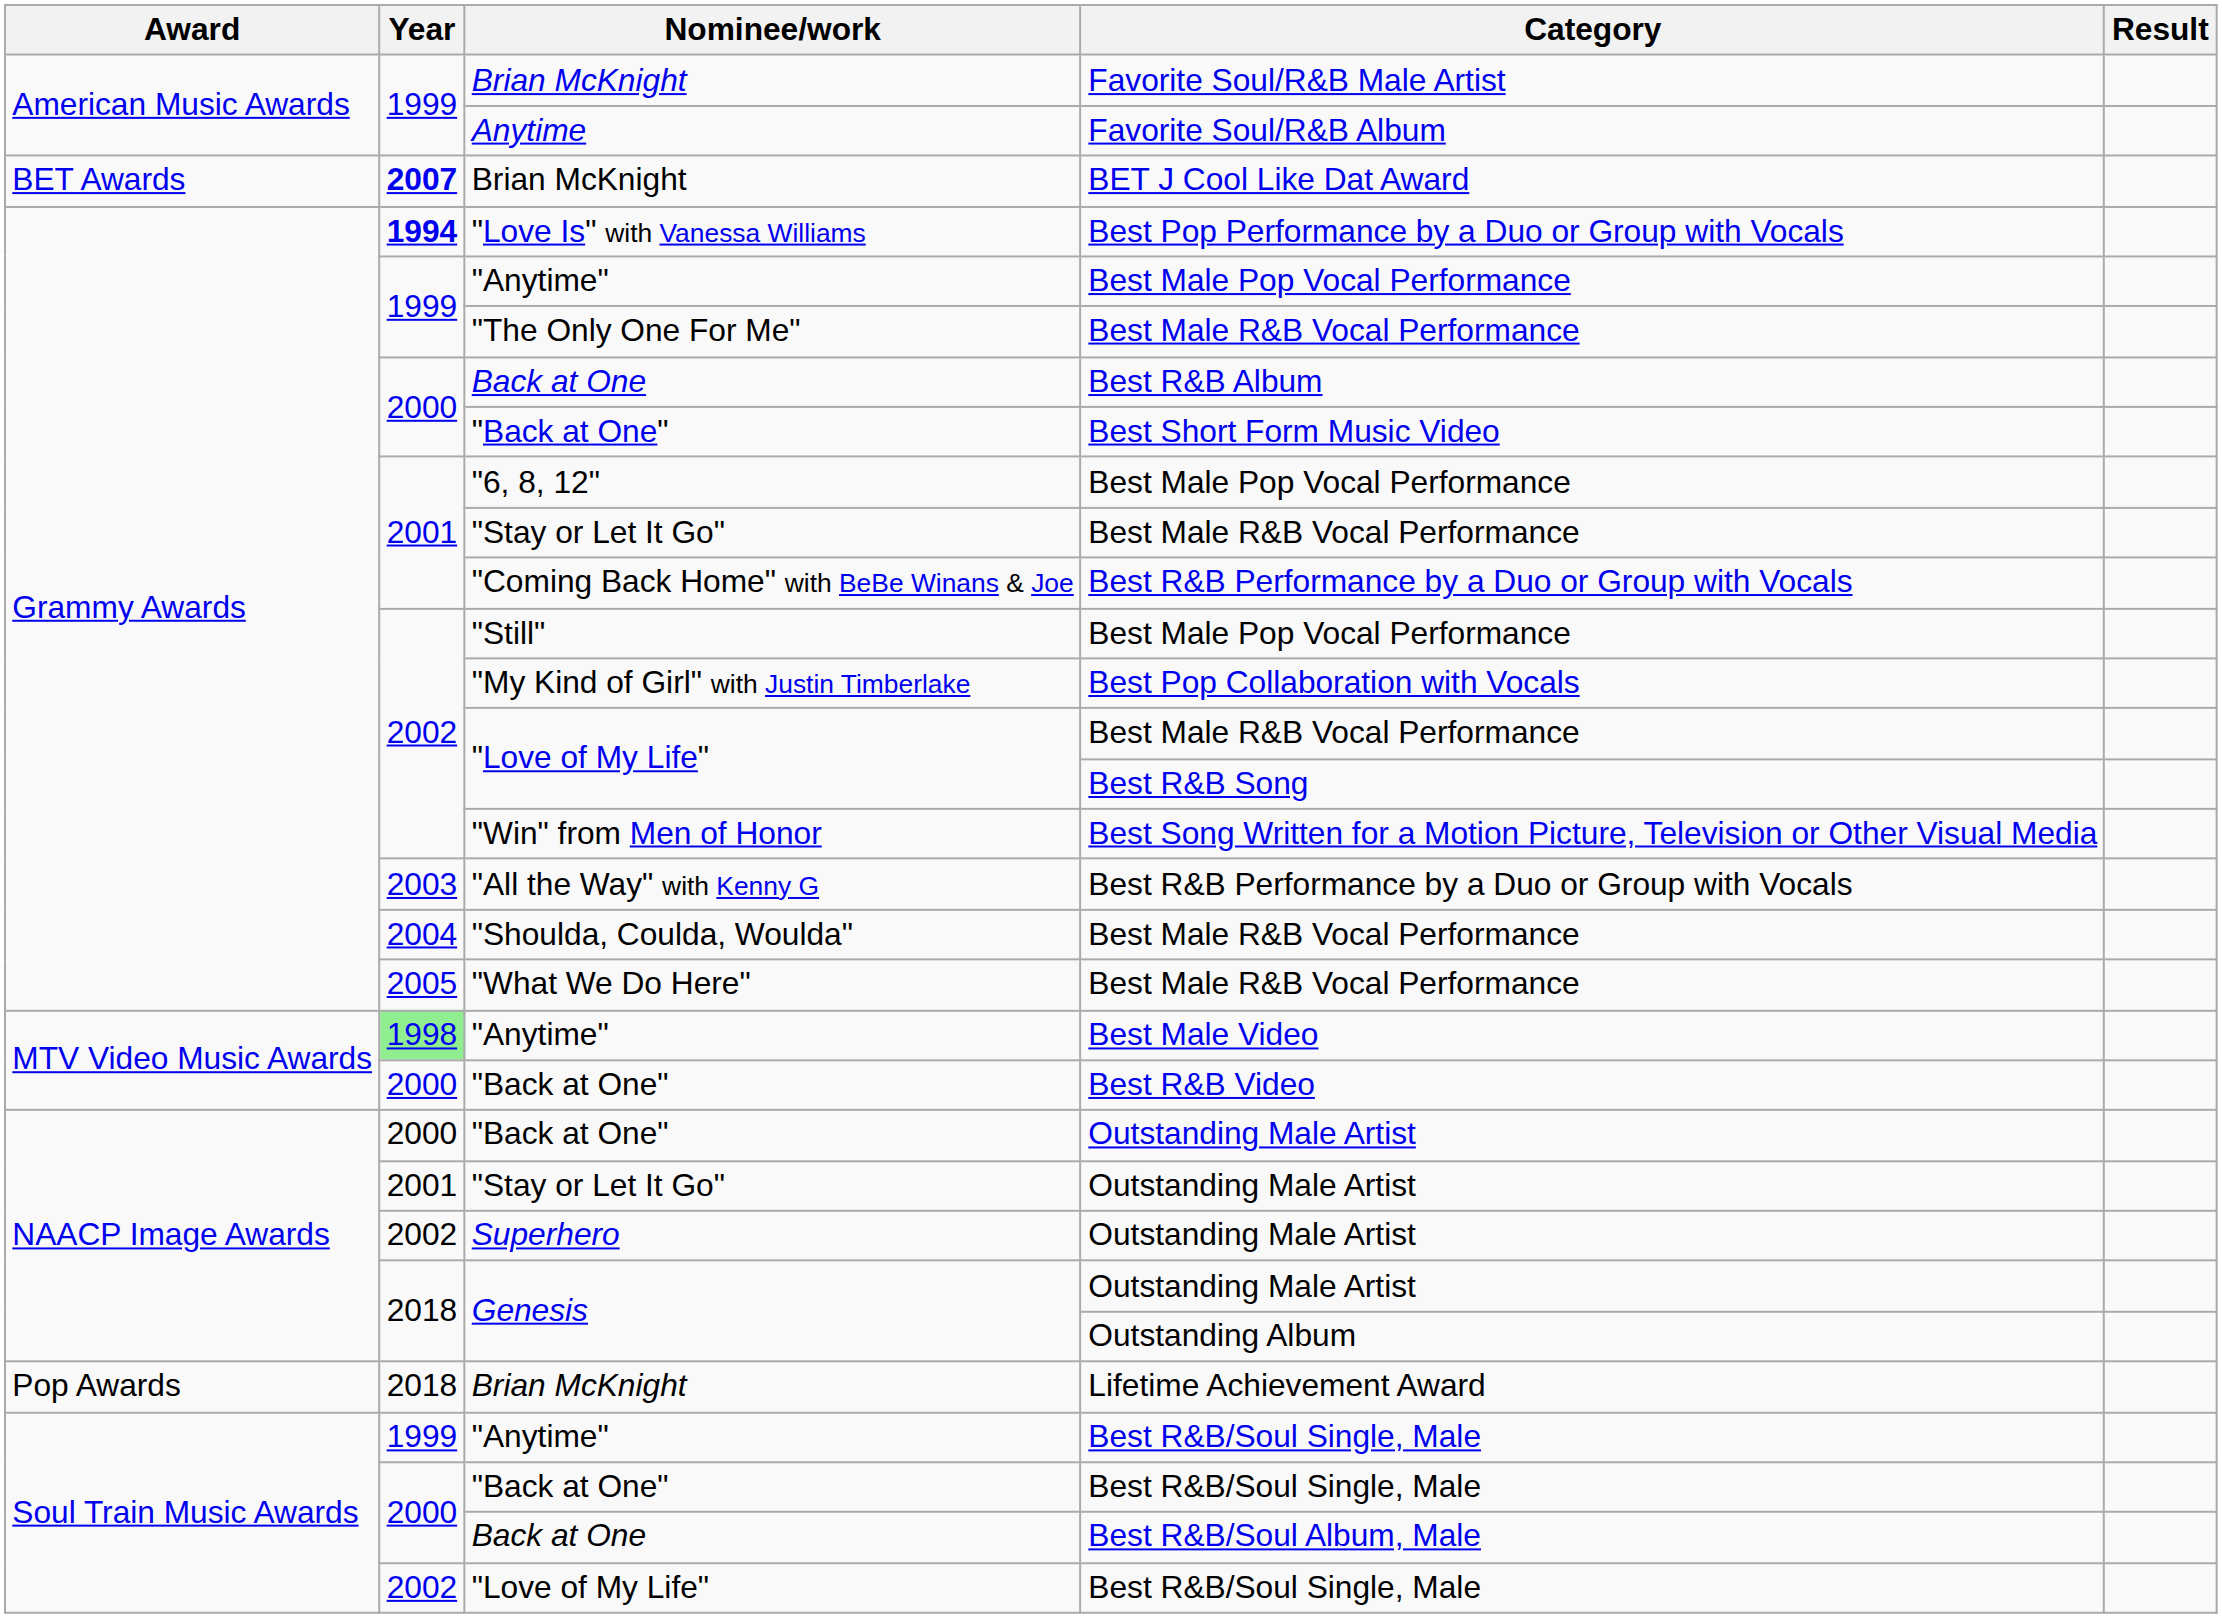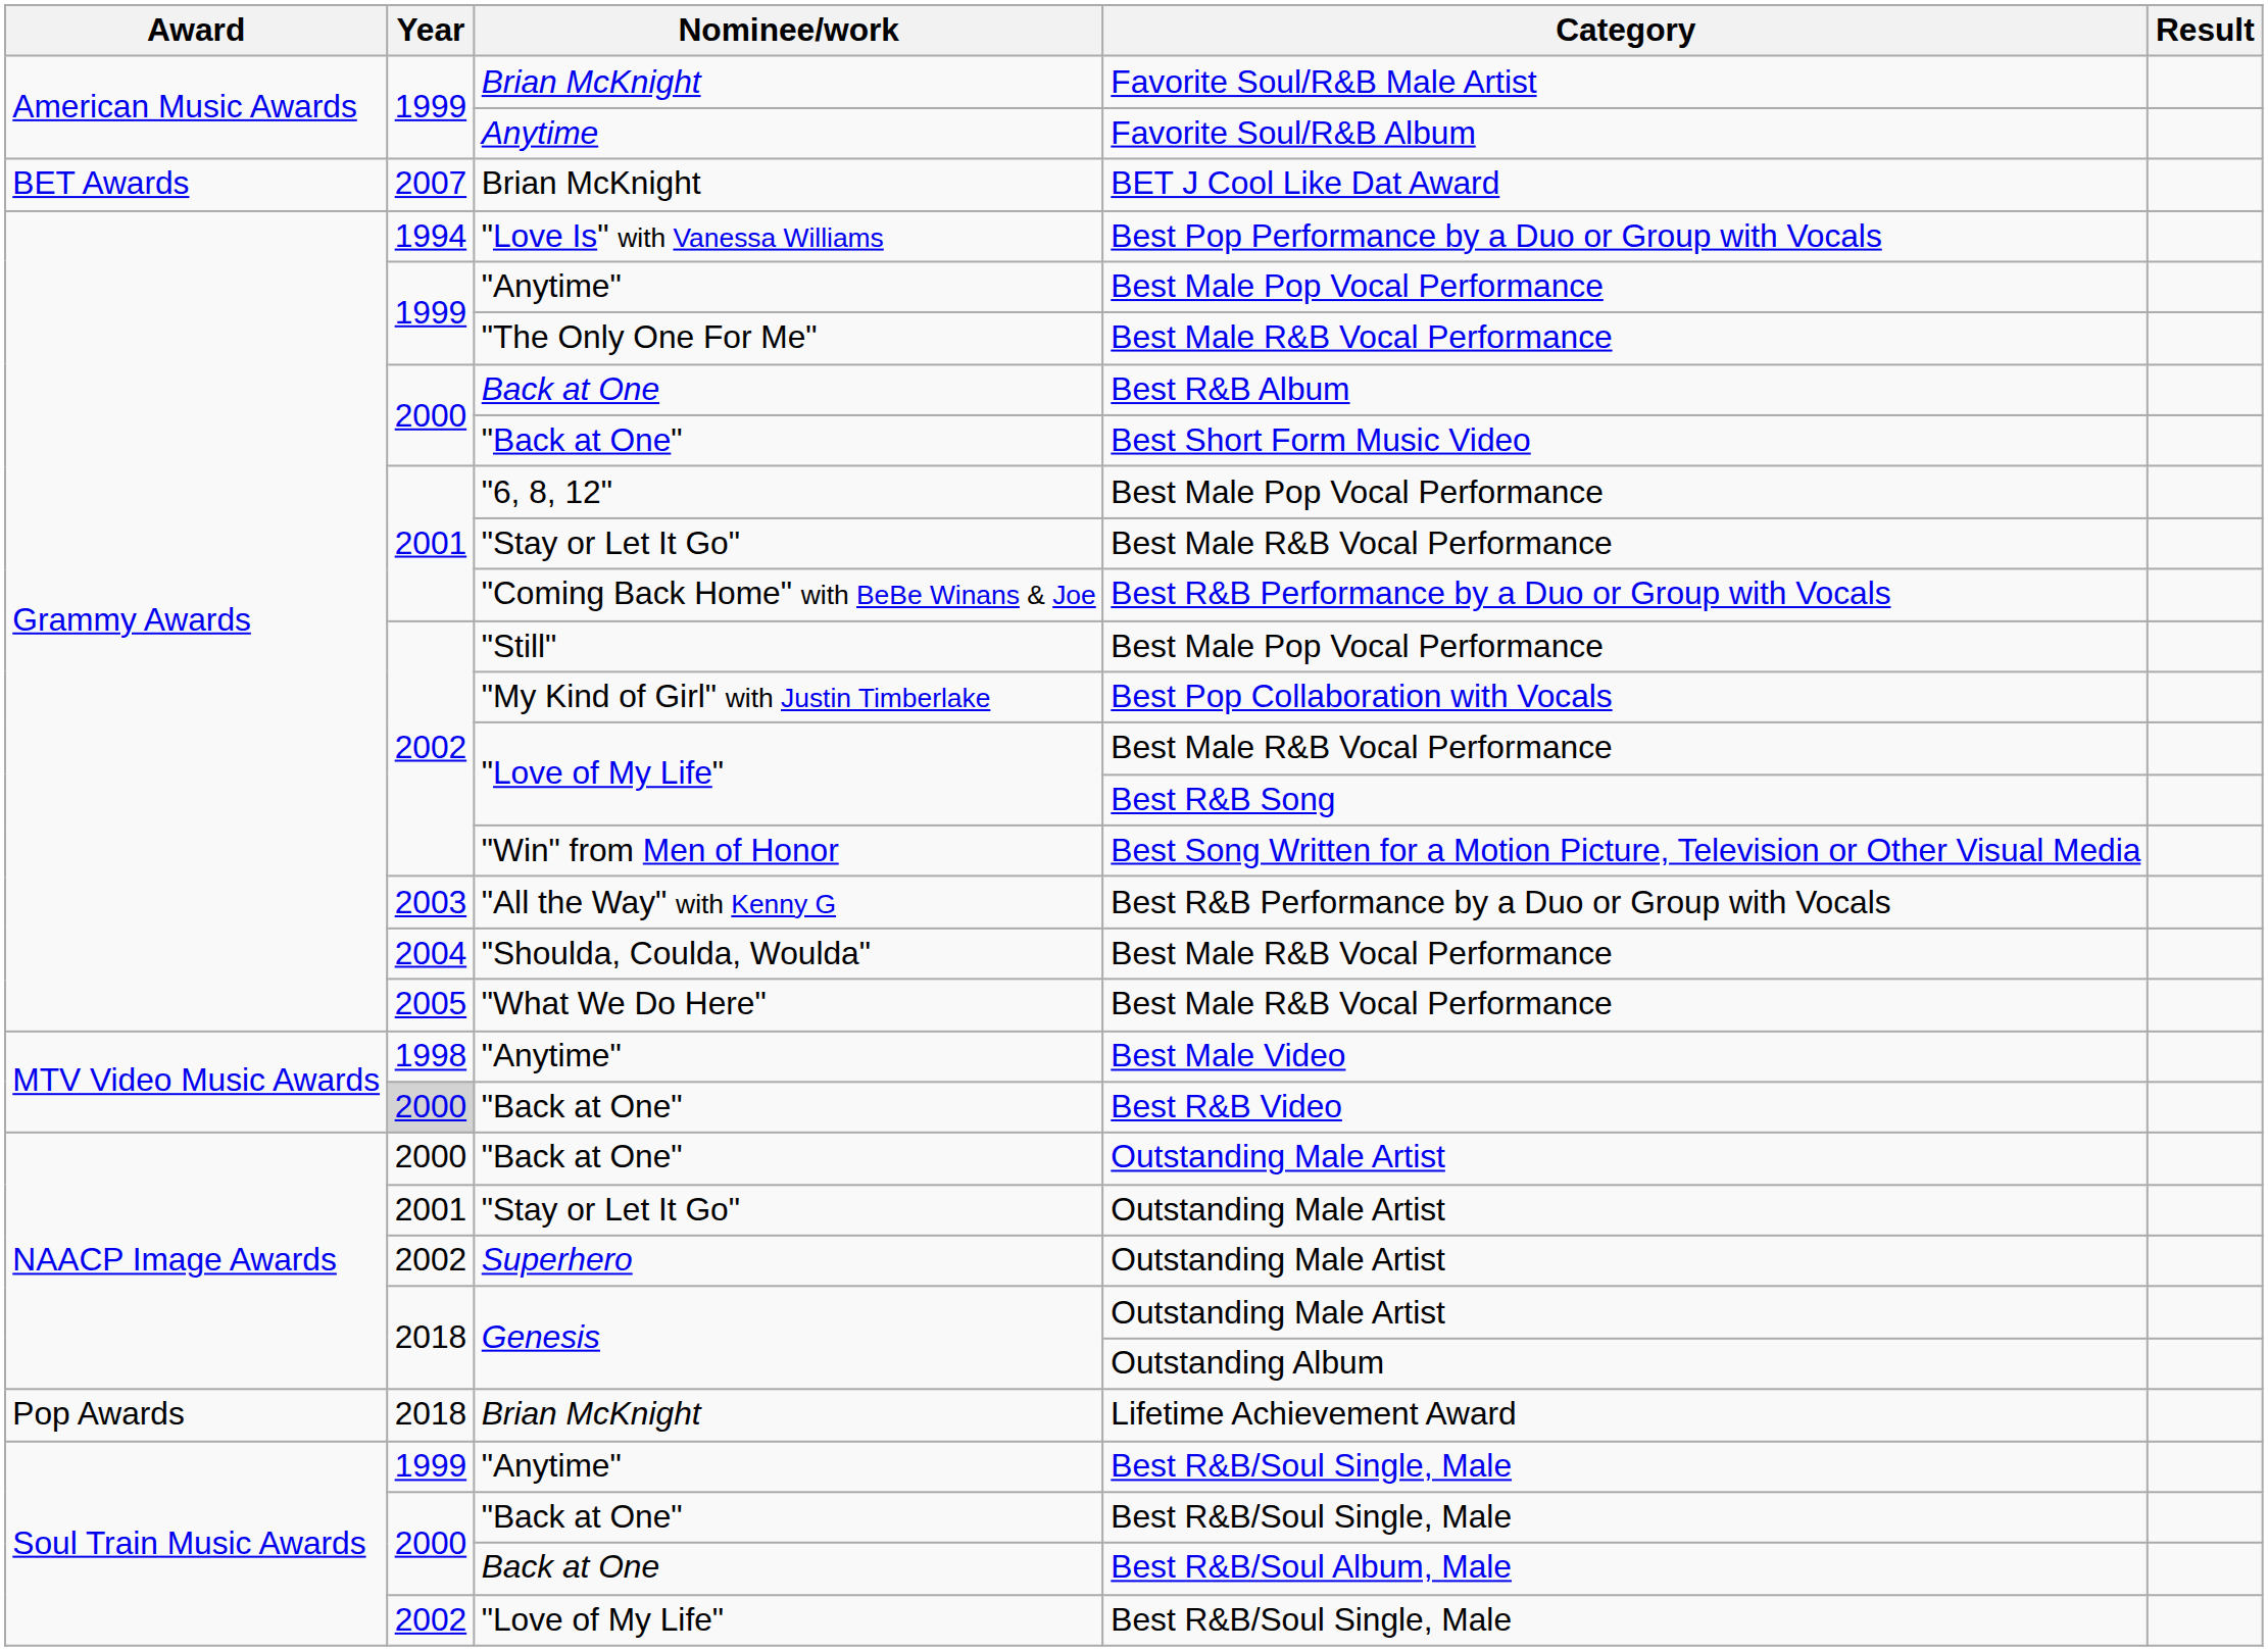 <table class="wikitable">
 <tr>
 <th>Award</th>
 <th>Year</th>
 <th>Nominee/work</th>
 <th>Category</th>
 <th>Result</th>
 </tr>
 <tr>
 <td rowspan="2"><a href='#'>American Music Awards</a></td>
 <td rowspan="2"><a href='#'>1999</a></td>
 <td><em><a href='#'>Brian McKnight</a></em></td>
 <td><a href='#'>Favorite Soul/R&B Male Artist</a></td>
 <td></td>
 </tr>
 <tr>
 <td><em><a href='#'>Anytime</a></em></td>
 <td><a href='#'>Favorite Soul/R&B Album</a></td>
 <td></td>
 </tr>
 <tr>
 <td><a href='#'>BET Awards</a></td>
-<td><strong><a href='#'>2007</a></strong></td>
+<td><a href='#'>2007</a></td>
 <td>Brian McKnight</td>
 <td><a href='#'>BET J Cool Like Dat Award</a></td>
 <td></td>
 </tr>
 <tr>
 <td rowspan="16"><a href='#'>Grammy Awards</a></td>
-<td><strong><a href='#'>1994</a></strong></td>
+<td><a href='#'>1994</a></td>
 <td>"<a href='#'>Love Is</a>" <small>with <a href='#'>Vanessa Williams</a></small></td>
 <td><a href='#'>Best Pop Performance by a Duo or Group with Vocals</a></td>
 <td></td>
 </tr>
 <tr>
 <td rowspan="2"><a href='#'>1999</a></td>
 <td>"Anytime"</td>
 <td><a href='#'>Best Male Pop Vocal Performance</a></td>
 <td></td>
 </tr>
 <tr>
 <td>"The Only One For Me"</td>
 <td><a href='#'>Best Male R&B Vocal Performance</a></td>
 <td></td>
 </tr>
 <tr>
 <td rowspan="2"><a href='#'>2000</a></td>
 <td><em><a href='#'>Back at One</a></em></td>
 <td><a href='#'>Best R&B Album</a></td>
 <td></td>
 </tr>
 <tr>
 <td>"<a href='#'>Back at One</a>"</td>
 <td><a href='#'>Best Short Form Music Video</a></td>
 <td></td>
 </tr>
 <tr>
 <td rowspan="3"><a href='#'>2001</a></td>
 <td>"6, 8, 12"</td>
 <td>Best Male Pop Vocal Performance</td>
 <td></td>
 </tr>
 <tr>
 <td>"Stay or Let It Go"</td>
 <td>Best Male R&B Vocal Performance</td>
 <td></td>
 </tr>
 <tr>
 <td>"Coming Back Home" <small>with <a href='#'>BeBe Winans</a> & <a href='#'>Joe</a></small></td>
 <td><a href='#'>Best R&B Performance by a Duo or Group with Vocals</a></td>
 <td></td>
 </tr>
 <tr>
 <td rowspan="5"><a href='#'>2002</a></td>
 <td>"Still"</td>
 <td>Best Male Pop Vocal Performance</td>
 <td></td>
 </tr>
 <tr>
 <td>"My Kind of Girl" <small>with <a href='#'>Justin Timberlake</a></small></td>
 <td><a href='#'>Best Pop Collaboration with Vocals</a></td>
 <td></td>
 </tr>
 <tr>
 <td rowspan="2">"<a href='#'>Love of My Life</a>"</td>
 <td>Best Male R&B Vocal Performance</td>
 <td></td>
 </tr>
 <tr>
 <td><a href='#'>Best R&B Song</a></td>
 <td></td>
 </tr>
 <tr>
 <td>"Win" from <a href='#'>Men of Honor</a></td>
 <td><a href='#'>Best Song Written for a Motion Picture, Television or Other Visual Media</a></td>
 <td></td>
 </tr>
 <tr>
 <td><a href='#'>2003</a></td>
 <td>"All the Way" <small>with <a href='#'>Kenny G</a></small></td>
 <td>Best R&B Performance by a Duo or Group with Vocals</td>
 <td></td>
 </tr>
 <tr>
 <td><a href='#'>2004</a></td>
 <td>"Shoulda, Coulda, Woulda"</td>
 <td>Best Male R&B Vocal Performance</td>
 <td></td>
 </tr>
 <tr>
 <td><a href='#'>2005</a></td>
 <td>"What We Do Here"</td>
 <td>Best Male R&B Vocal Performance</td>
 <td></td>
 </tr>
 <tr>
 <td rowspan="2"><a href='#'>MTV Video Music Awards</a></td>
-<td style="background: lightgreen;"><a href='#'>1998</a></td>
+<td><a href='#'>1998</a></td>
 <td>"Anytime"</td>
 <td><a href='#'>Best Male Video</a></td>
 <td></td>
 </tr>
 <tr>
-<td><a href='#'>2000</a></td>
+<td style="background: lightgrey;"><a href='#'>2000</a></td>
 <td>"Back at One"</td>
 <td><a href='#'>Best R&B Video</a></td>
 <td></td>
 </tr>
 <tr>
 <td rowspan="5"><a href='#'>NAACP Image Awards</a></td>
 <td>2000</td>
 <td>"Back at One"</td>
 <td><a href='#'>Outstanding Male Artist</a></td>
 <td></td>
 </tr>
 <tr>
 <td>2001</td>
 <td>"Stay or Let It Go"</td>
 <td>Outstanding Male Artist</td>
 <td></td>
 </tr>
 <tr>
 <td>2002</td>
 <td><em><a href='#'>Superhero</a></em></td>
 <td>Outstanding Male Artist</td>
 <td></td>
 </tr>
 <tr>
 <td rowspan="2">2018</td>
 <td rowspan="2"><em><a href='#'>Genesis</a></em></td>
 <td>Outstanding Male Artist</td>
 <td></td>
 </tr>
 <tr>
 <td>Outstanding Album</td>
 <td></td>
 </tr>
 <tr>
 <td>Pop Awards</td>
 <td>2018</td>
 <td><em>Brian McKnight</em></td>
 <td>Lifetime Achievement Award</td>
 <td></td>
 </tr>
 <tr>
 <td rowspan="4"><a href='#'>Soul Train Music Awards</a></td>
 <td><a href='#'>1999</a></td>
 <td>"Anytime"</td>
 <td><a href='#'>Best R&B/Soul Single, Male</a></td>
 <td></td>
 </tr>
 <tr>
 <td rowspan="2"><a href='#'>2000</a></td>
 <td>"Back at One"</td>
 <td>Best R&B/Soul Single, Male</td>
 <td></td>
 </tr>
 <tr>
 <td><em>Back at One</em></td>
 <td><a href='#'>Best R&B/Soul Album, Male</a></td>
 <td></td>
 </tr>
 <tr>
 <td><a href='#'>2002</a></td>
 <td>"Love of My Life"</td>
 <td>Best R&B/Soul Single, Male</td>
 <td></td>
 </tr>
 </table>
